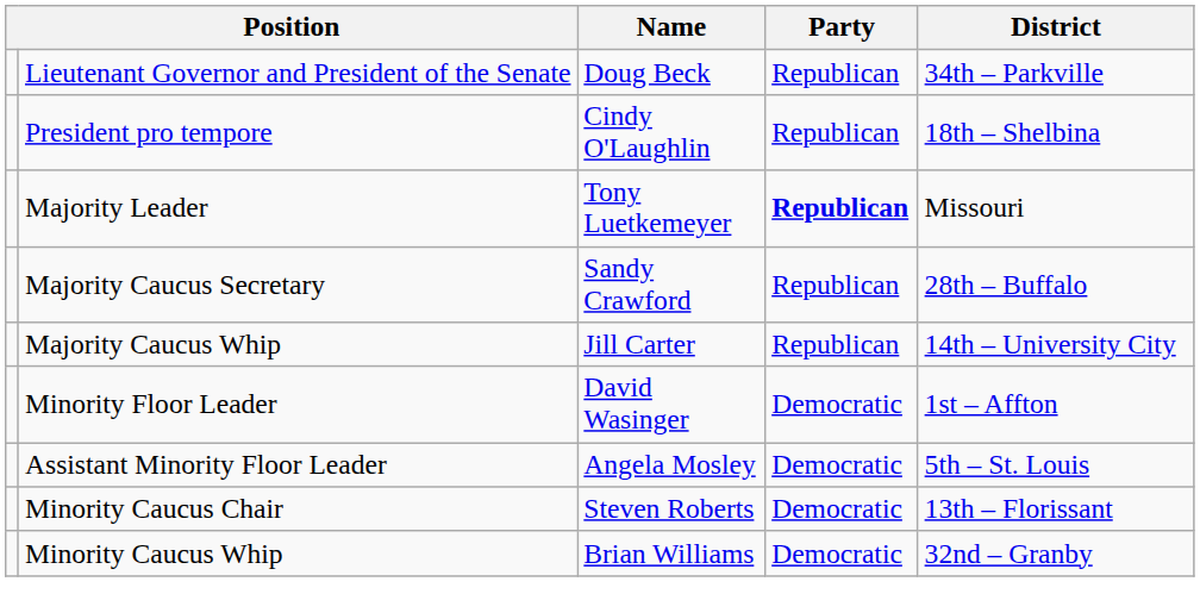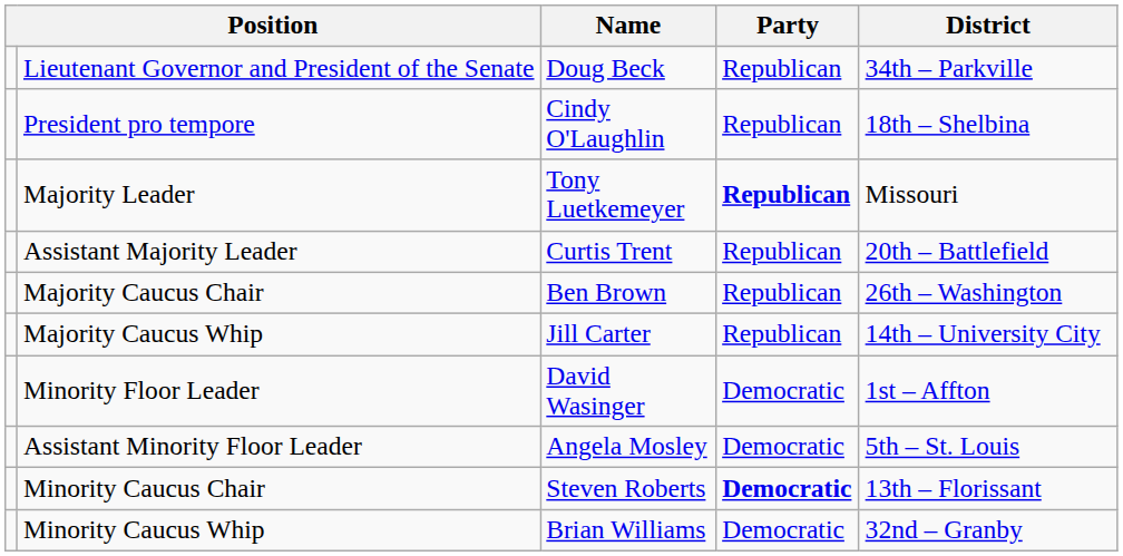 <table class="wikitable" style="font-size:100%">
 <tr>
 <th scope="col" colspan="2" width="150">Position</th>
 <th scope="col" width="100">Name</th>
 <th scope="col" width="80">Party</th>
 <th scope="col" width="150">District</th>
 </tr>
 <tr>
 <td></td>
 <td><a href='#'>Lieutenant Governor and President of the Senate</a></td>
 <td><a href='#'>Doug Beck</a></td>
 <td><a href='#'>Republican</a></td>
 <td><a href='#'>34th – Parkville</a></td>
 </tr>
 <tr>
 <td></td>
 <td><a href='#'>President pro tempore</a></td>
 <td><a href='#'>Cindy O'Laughlin</a></td>
 <td><a href='#'>Republican</a></td>
 <td><a href='#'>18th – Shelbina</a></td>
 </tr>
 <tr>
 <td></td>
 <td>Majority Leader</td>
 <td><a href='#'>Tony Luetkemeyer</a></td>
 <td><strong><a href='#'>Republican</a></strong></td>
 <td>Missouri</td>
 </tr>
 <tr>
 <td></td>
-<td>Majority Caucus Secretary</td>
-<td><a href='#'>Sandy Crawford</a></td>
+<td>Assistant Majority Leader</td>
+<td><a href='#'>Curtis Trent</a></td>
 <td><a href='#'>Republican</a></td>
-<td><a href='#'>28th – Buffalo</a></td>
+<td><a href='#'>20th – Battlefield</a></td>
+</tr>
+<tr>
+<td></td>
+<td>Majority Caucus Chair</td>
+<td><a href='#'>Ben Brown</a></td>
+<td><a href='#'>Republican</a></td>
+<td><a href='#'>26th – Washington</a></td>
 </tr>
 <tr>
 <td></td>
 <td>Majority Caucus Whip</td>
 <td><a href='#'>Jill Carter</a></td>
 <td><a href='#'>Republican</a></td>
 <td><a href='#'>14th – University City</a></td>
 </tr>
 <tr>
 <td></td>
 <td>Minority Floor Leader</td>
 <td><a href='#'>David Wasinger</a></td>
 <td><a href='#'>Democratic</a></td>
 <td><a href='#'>1st – Affton</a></td>
 </tr>
 <tr>
 <td></td>
 <td>Assistant Minority Floor Leader</td>
 <td><a href='#'>Angela Mosley</a></td>
 <td><a href='#'>Democratic</a></td>
 <td><a href='#'>5th – St. Louis</a></td>
 </tr>
 <tr>
 <td></td>
 <td>Minority Caucus Chair</td>
 <td><a href='#'>Steven Roberts</a></td>
-<td><a href='#'>Democratic</a></td>
+<td><strong><a href='#'>Democratic</a></strong></td>
 <td><a href='#'>13th – Florissant</a></td>
 </tr>
 <tr>
 <td></td>
 <td>Minority Caucus Whip</td>
 <td><a href='#'>Brian Williams</a></td>
 <td><a href='#'>Democratic</a></td>
 <td><a href='#'>32nd – Granby</a></td>
 </tr>
 </table>
